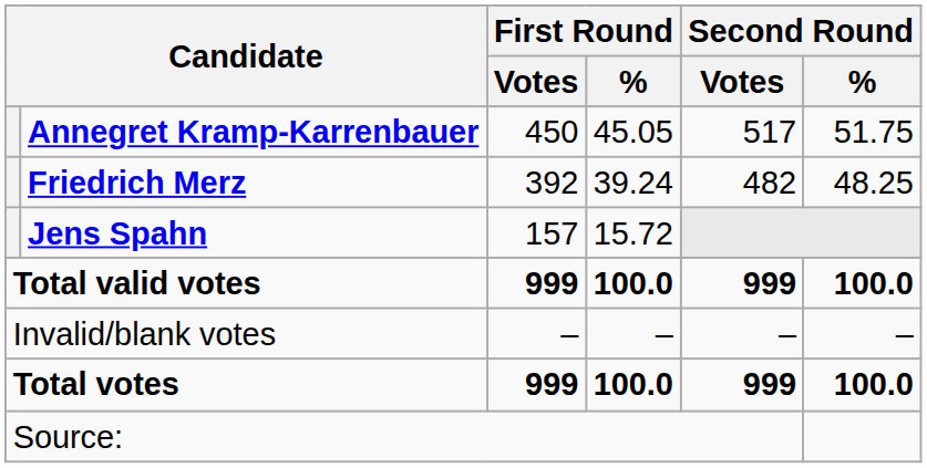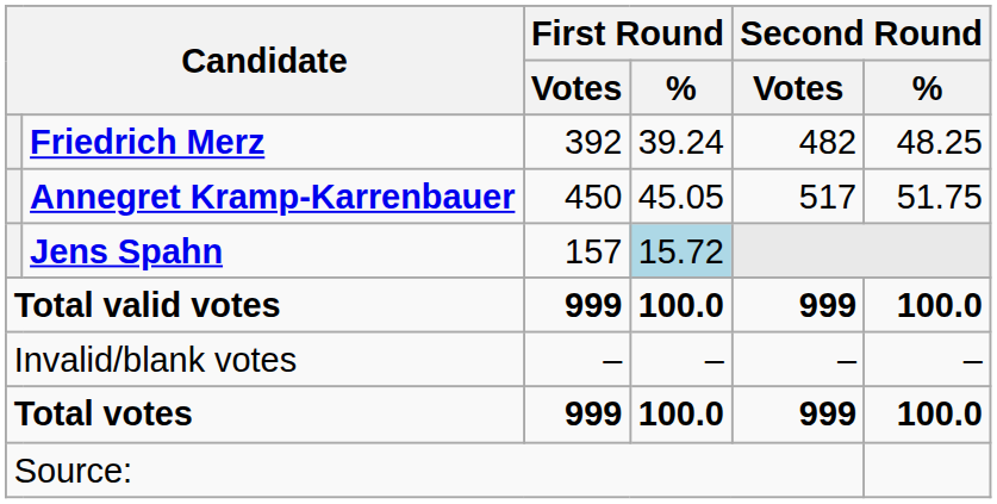 <table class="wikitable" style="font-size:95%">
 <tr bgcolor="#E9E9E9">
 <th colspan="2" rowspan="2">Candidate</th>
 <th colspan="2">First Round</th>
 <th colspan="2">Second Round</th>
 </tr>
 <tr bgcolor="#E9E9E9">
 <th>Votes</th>
 <th>%</th>
 <th>Votes</th>
 <th>%</th>
 </tr>
 <tr>
 <th style="color:inherit;background:"></th>
+<td align="left"><strong><a href='#'>Friedrich Merz</a></strong></td>
+<td align="right">392</td>
+<td align="right">39.24</td>
+<td align="right">482</td>
+<td align="right">48.25</td>
+</tr>
+<tr>
+<th style="color:inherit;background:"></th>
 <td align="left"><strong><a href='#'>Annegret Kramp-Karrenbauer</a></strong></td>
 <td align="right">450</td>
 <td align="right">45.05</td>
 <td align="right">517</td>
 <td align="right">51.75</td>
 </tr>
 <tr>
 <th style="color:inherit;background:"></th>
-<td align="left"><strong><a href='#'>Friedrich Merz</a></strong></td>
-<td align="right">392</td>
-<td align="right">39.24</td>
-<td align="right">482</td>
-<td align="right">48.25</td>
-</tr>
-<tr>
-<th style="color:inherit;background:"></th>
 <td align="left"><strong><a href='#'>Jens Spahn</a></strong></td>
 <td align="right">157</td>
-<td align="right">15.72</td>
+<td align="right" style="background: lightblue;">15.72</td>
 <td colspan="2" style="background-color:#E9E9E9"></td>
 </tr>
 <tr>
 <td colspan="2" align="left"><strong>Total valid votes</strong></td>
 <td align="right"> <strong>999</strong></td>
 <td align="right"><strong>100.0</strong></td>
 <td align="right"> <strong>999</strong></td>
 <td align="right"><strong>100.0</strong></td>
 </tr>
 <tr>
 <td colspan="2" align=left>Invalid/blank votes</td>
 <td align="right">–</td>
 <td align="right">–</td>
 <td align="right">–</td>
 <td align="right">–</td>
 </tr>
 <tr>
 <td colspan="2" align="left"><strong>Total votes</strong></td>
 <td align="right"><strong>999</strong></td>
 <td align="right"><strong>100.0</strong></td>
 <td align="right"><strong>999</strong></td>
 <td align="right"><strong>100.0</strong></td>
 </tr>
 <tr>
 <td colspan="5">Source:   </td>
 </tr>
 </table>
